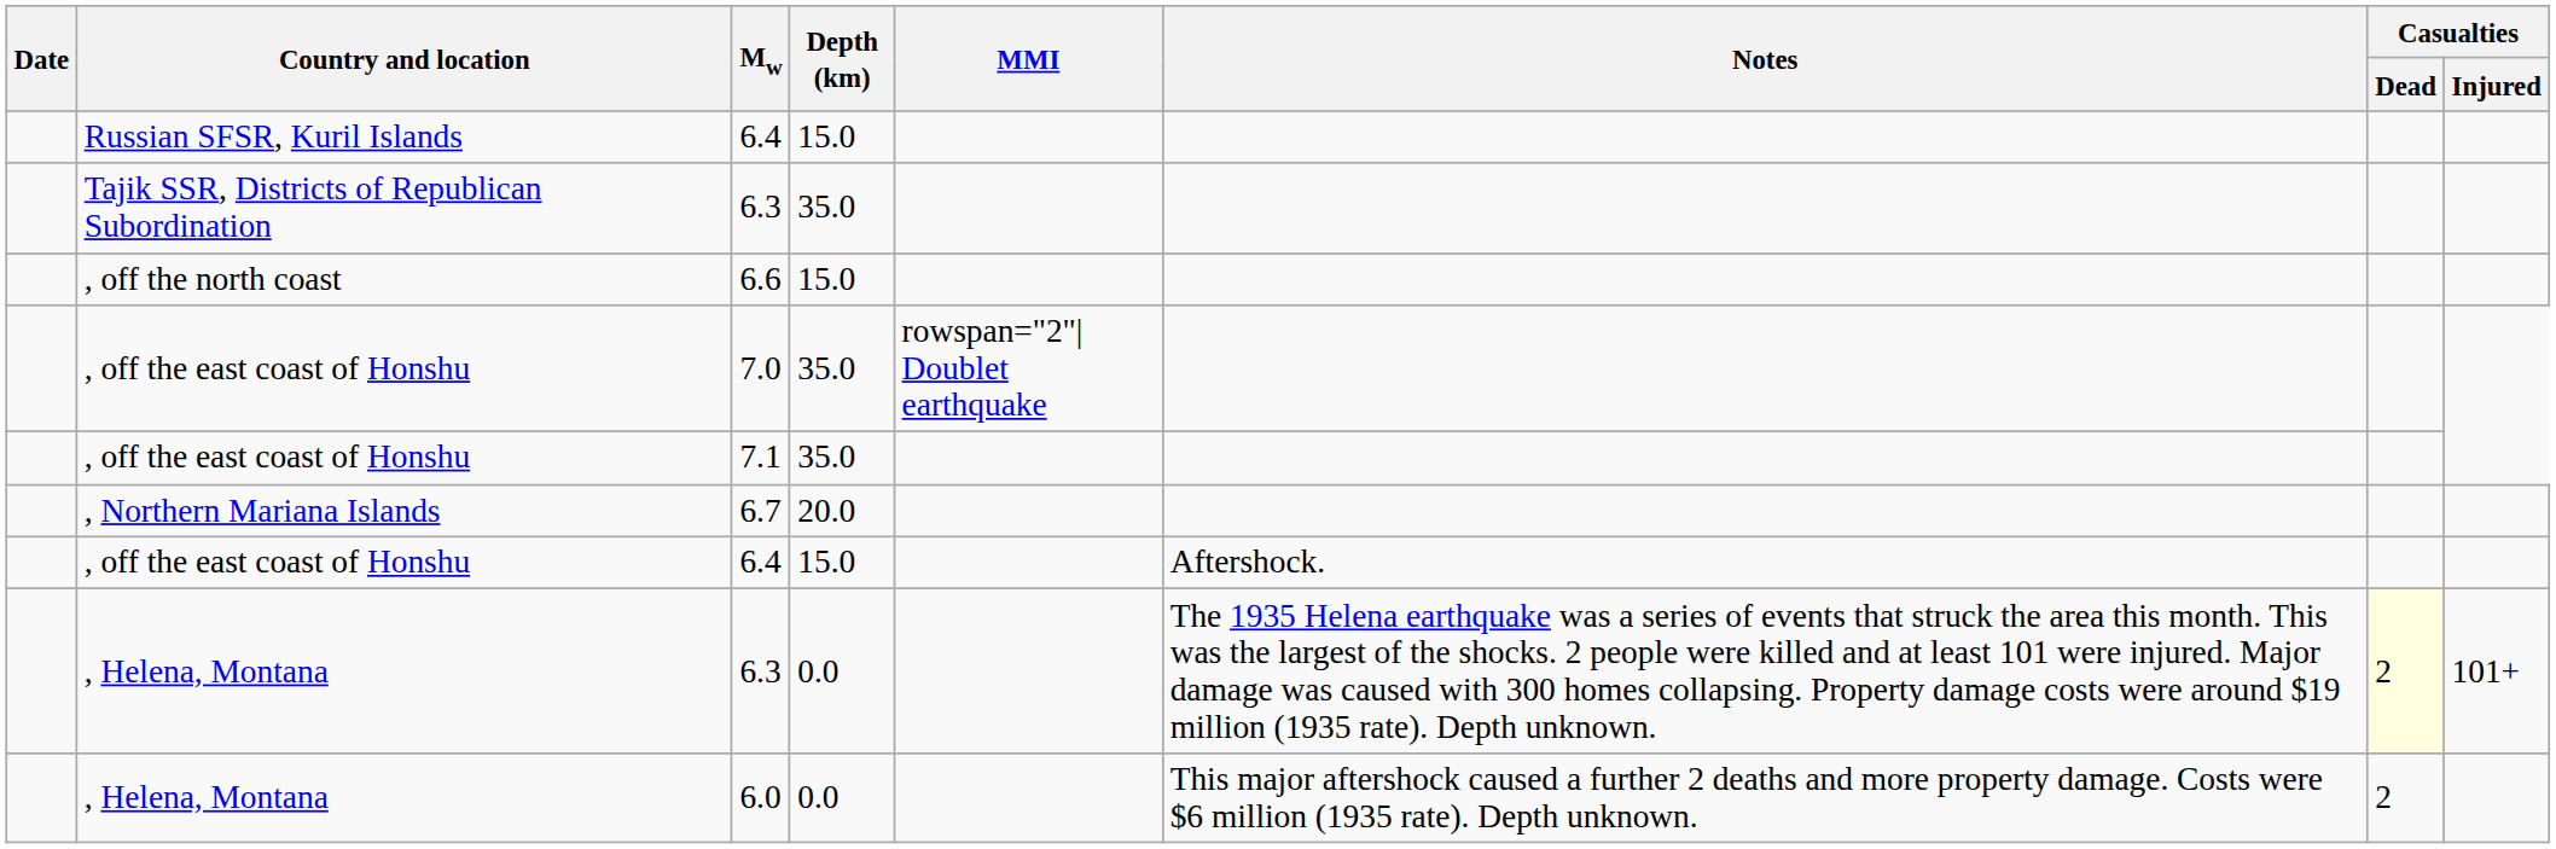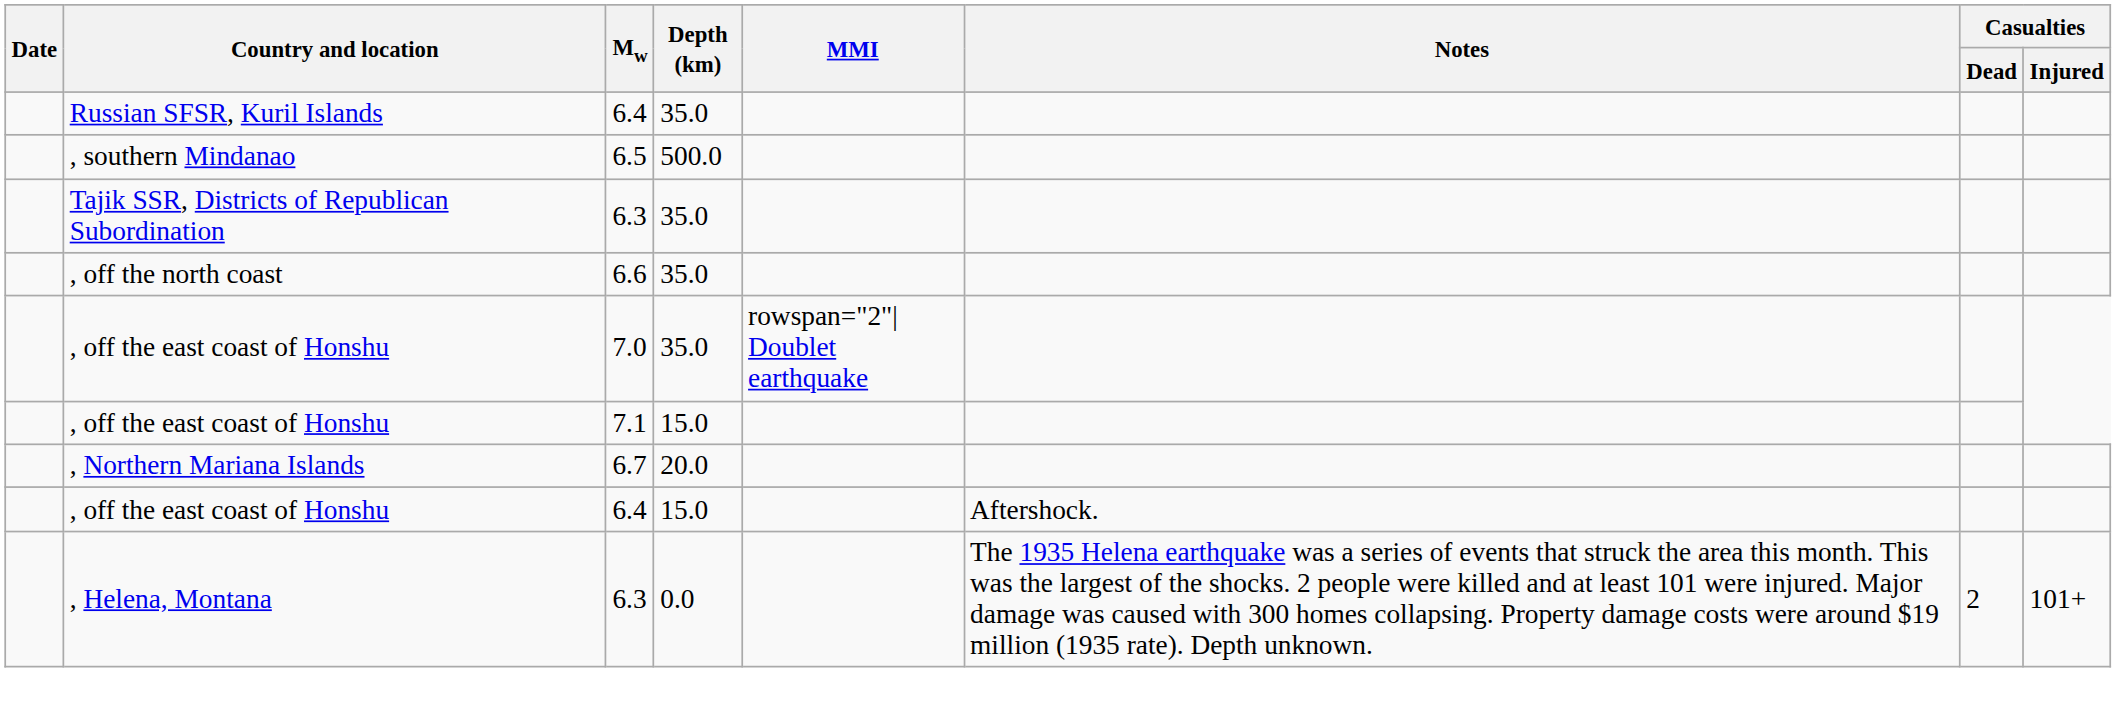 <table class="wikitable sortable sort-under" style="border:1px black; margin-left:1em;">
 <tr>
 <th rowspan="2"><small>Date</small></th>
 <th rowspan="2" style="width: 310px"><small>Country and location</small></th>
 <th rowspan="2"><small>M<sub>w</sub></small></th>
 <th rowspan="2"><small>Depth (km)</small></th>
 <th rowspan="2"><small><a href='#'>MMI</a></small></th>
 <th rowspan="2" class="unsortable"><small>Notes</small></th>
 <th colspan="2"><small>Casualties</small></th>
 </tr>
 <tr>
 <th><small>Dead</small></th>
 <th><small>Injured</small></th>
 </tr>
 <tr>
 <td></td>
 <td> <a href='#'>Russian SFSR</a>, <a href='#'>Kuril Islands</a></td>
 <td>6.4</td>
-<td>15.0</td>
+<td>35.0</td>
+<td></td>
+<td></td>
+<td></td>
+<td></td>
+</tr>
+<tr>
+<td></td>
+<td>, southern <a href='#'>Mindanao</a></td>
+<td>6.5</td>
+<td>500.0</td>
 <td></td>
 <td></td>
 <td></td>
 <td></td>
 </tr>
 <tr>
 <td></td>
 <td> <a href='#'>Tajik SSR</a>, <a href='#'>Districts of Republican Subordination</a></td>
 <td>6.3</td>
 <td>35.0</td>
 <td></td>
 <td></td>
 <td></td>
 <td></td>
 </tr>
 <tr>
 <td></td>
 <td>, off the north coast</td>
 <td>6.6</td>
-<td>15.0</td>
+<td>35.0</td>
 <td></td>
 <td></td>
 <td></td>
 <td></td>
 </tr>
 <tr>
 <td></td>
 <td>, off the east coast of <a href='#'>Honshu</a></td>
 <td>7.0</td>
 <td>35.0</td>
 <td>rowspan="2"| <a href='#'>Doublet earthquake</a></td>
 <td></td>
 <td></td>
 </tr>
 <tr>
 <td></td>
 <td>, off the east coast of <a href='#'>Honshu</a></td>
 <td>7.1</td>
-<td>35.0</td>
+<td>15.0</td>
 <td></td>
 <td></td>
 <td></td>
 </tr>
 <tr>
 <td></td>
 <td>, <a href='#'>Northern Mariana Islands</a></td>
 <td>6.7</td>
 <td>20.0</td>
 <td></td>
 <td></td>
 <td></td>
 <td></td>
 </tr>
 <tr>
 <td></td>
 <td>, off the east coast of <a href='#'>Honshu</a></td>
 <td>6.4</td>
 <td>15.0</td>
 <td></td>
 <td>Aftershock.</td>
 <td></td>
 <td></td>
 </tr>
 <tr>
 <td></td>
 <td>, <a href='#'>Helena, Montana</a></td>
 <td>6.3</td>
 <td>0.0</td>
 <td></td>
 <td>The <a href='#'>1935 Helena earthquake</a> was a series of events that struck the area this month. This was the largest of the shocks. 2 people were killed and at least 101 were injured. Major damage was caused with 300 homes collapsing. Property damage costs were around $19 million (1935 rate). Depth unknown.</td>
-<td style="background: lightyellow;">2</td>
+<td>2</td>
 <td>101+</td>
 </tr>
-<tr>
-<td></td>
-<td>, <a href='#'>Helena, Montana</a></td>
-<td>6.0</td>
-<td>0.0</td>
-<td></td>
-<td>This major aftershock caused a further 2 deaths and more property damage. Costs were $6 million (1935 rate). Depth unknown.</td>
-<td>2</td>
-<td></td>
-</tr>
 </table>
